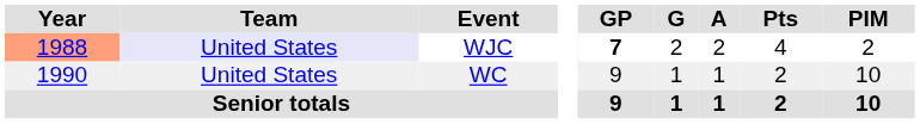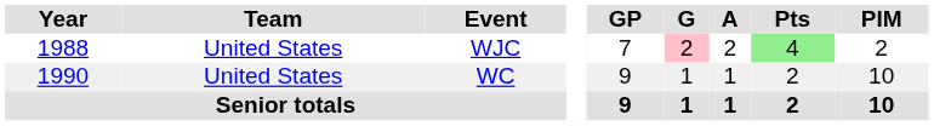 <table border="0" cellpadding="1" cellspacing="0" style="text-align:center; width:40em">
 <tr ALIGN="center" bgcolor="#e0e0e0">
 <th>Year</th>
 <th>Team</th>
 <th>Event</th>
 <th ALIGN="center" rowspan="99" bgcolor="#ffffff"> </th>
 <th>GP</th>
 <th>G</th>
 <th>A</th>
 <th>Pts</th>
 <th>PIM</th>
 </tr>
 <tr>
-<td style="background: lightsalmon;"><a href='#'>1988</a></td>
-<td style="background: lavender;"><a href='#'>United States</a></td>
+<td><a href='#'>1988</a></td>
+<td><a href='#'>United States</a></td>
 <td><a href='#'>WJC</a></td>
-<td><strong>7</strong></td>
+<td>7</td>
+<td style="background: pink;">2</td>
 <td>2</td>
-<td>2</td>
-<td>4</td>
+<td style="background: lightgreen;">4</td>
 <td>2</td>
 </tr>
 <tr bgcolor="#f0f0f0">
 <td><a href='#'>1990</a></td>
 <td><a href='#'>United States</a></td>
 <td><a href='#'>WC</a></td>
 <td>9</td>
 <td>1</td>
 <td>1</td>
 <td>2</td>
 <td>10</td>
 </tr>
 <tr bgcolor="#e0e0e0">
 <th colspan="3">Senior totals</th>
 <th>9</th>
 <th>1</th>
 <th>1</th>
 <th>2</th>
 <th>10</th>
 </tr>
 </table>
